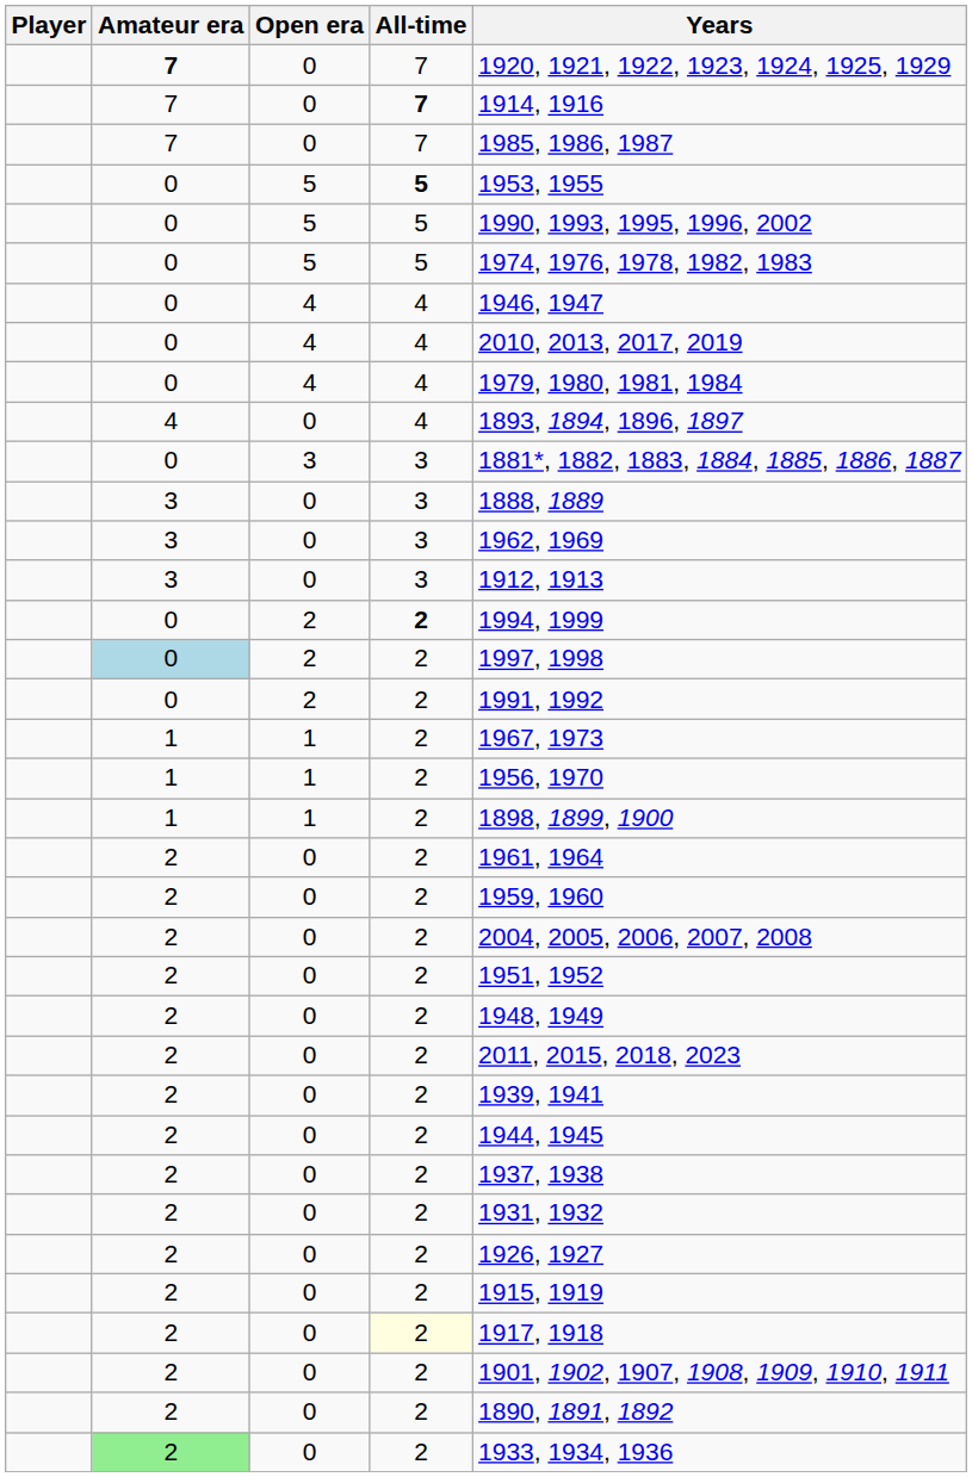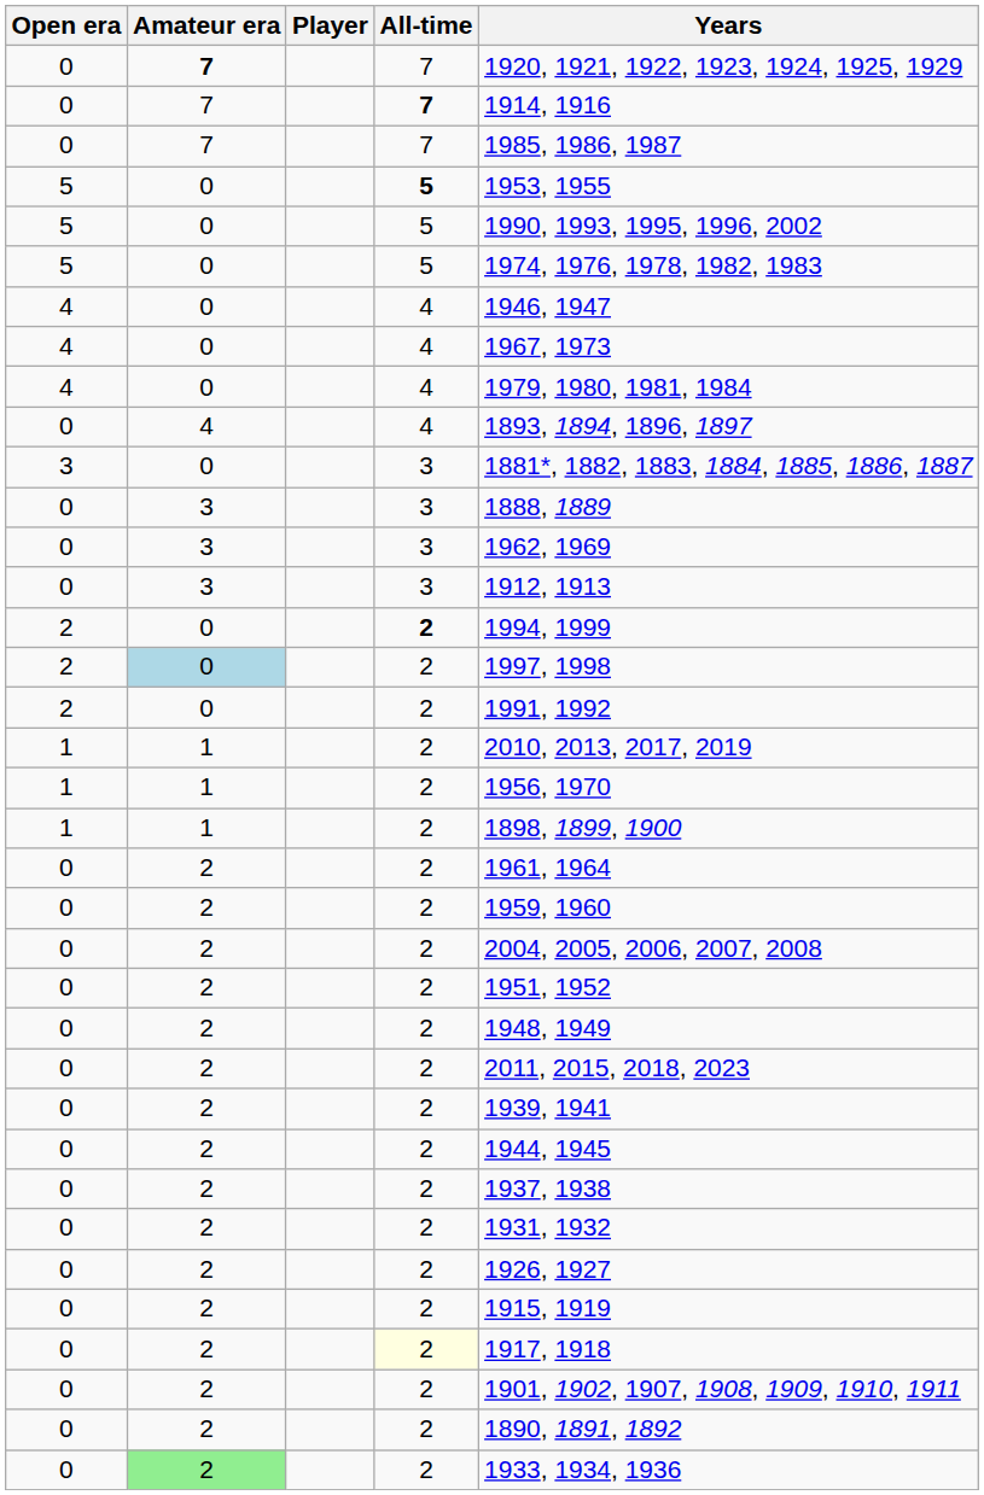 <table class="wikitable sortable">
 <tr>
+<th>Open era</th>
+<th>Amateur era</th>
 <th>Player</th>
-<th>Amateur era</th>
-<th>Open era</th>
 <th>All-time</th>
 <th class="unsortable">Years</th>
 </tr>
 <tr>
+<td align="center">0</td>
+<td align="center"><strong>7</strong></td>
 <td></td>
-<td align="center"><strong>7</strong></td>
-<td align="center">0</td>
 <td align="center">7</td>
 <td><a href='#'>1920</a>, <a href='#'>1921</a>, <a href='#'>1922</a>, <a href='#'>1923</a>, <a href='#'>1924</a>, <a href='#'>1925</a>, <a href='#'>1929</a></td>
 </tr>
 <tr>
+<td align="center">0</td>
+<td align="center">7</td>
 <td></td>
-<td align="center">7</td>
-<td align="center">0</td>
 <td align="center"><strong>7</strong></td>
 <td><a href='#'>1914</a>, <a href='#'>1916</a></td>
 </tr>
 <tr>
+<td align="center">0</td>
+<td align="center">7</td>
 <td></td>
-<td align="center">7</td>
-<td align="center">0</td>
 <td align="center">7</td>
 <td><a href='#'>1985</a>, <a href='#'>1986</a>, <a href='#'>1987</a></td>
 </tr>
 <tr>
+<td align="center">5</td>
+<td align="center">0</td>
 <td></td>
-<td align="center">0</td>
-<td align="center">5</td>
 <td align="center"><strong>5</strong></td>
 <td><a href='#'>1953</a>, <a href='#'>1955</a></td>
 </tr>
 <tr>
+<td align="center">5</td>
+<td align="center">0</td>
 <td></td>
-<td align="center">0</td>
-<td align="center">5</td>
 <td align="center">5</td>
 <td><a href='#'>1990</a>, <a href='#'>1993</a>, <a href='#'>1995</a>, <a href='#'>1996</a>, <a href='#'>2002</a></td>
 </tr>
 <tr>
+<td align="center">5</td>
+<td align="center">0</td>
 <td></td>
-<td align="center">0</td>
-<td align="center">5</td>
 <td align="center">5</td>
 <td><a href='#'>1974</a>, <a href='#'>1976</a>, <a href='#'>1978</a>, <a href='#'>1982</a>, <a href='#'>1983</a></td>
 </tr>
 <tr>
+<td align="center">4</td>
+<td align="center">0</td>
 <td></td>
-<td align="center">0</td>
-<td align="center">4</td>
 <td align="center">4</td>
 <td><a href='#'>1946</a>, <a href='#'>1947</a></td>
 </tr>
 <tr>
+<td align="center">4</td>
+<td align="center">0</td>
 <td></td>
-<td align="center">0</td>
 <td align="center">4</td>
-<td align="center">4</td>
-<td><a href='#'>2010</a>, <a href='#'>2013</a>, <a href='#'>2017</a>, <a href='#'>2019</a></td>
+<td><a href='#'>1967</a>, <a href='#'>1973</a></td>
 </tr>
 <tr>
+<td align="center">4</td>
+<td align="center">0</td>
 <td></td>
-<td align="center">0</td>
-<td align="center">4</td>
 <td align="center">4</td>
 <td><a href='#'>1979</a>, <a href='#'>1980</a>, <a href='#'>1981</a>, <a href='#'>1984</a></td>
 </tr>
 <tr>
+<td align="center">0</td>
+<td align="center">4</td>
 <td></td>
-<td align="center">4</td>
-<td align="center">0</td>
 <td align="center">4</td>
 <td><a href='#'>1893</a>, <em><a href='#'>1894</a></em>, <a href='#'>1896</a>, <em><a href='#'>1897</a></em></td>
 </tr>
 <tr>
+<td align="center">3</td>
+<td align="center">0</td>
 <td></td>
-<td align="center">0</td>
-<td align="center">3</td>
 <td align="center">3</td>
 <td><a href='#'>1881*</a>, <a href='#'>1882</a>, <a href='#'>1883</a>, <em><a href='#'>1884</a></em>, <em><a href='#'>1885</a></em>, <em><a href='#'>1886</a></em>, <em><a href='#'>1887</a></em></td>
 </tr>
 <tr>
+<td align="center">0</td>
+<td align="center">3</td>
 <td></td>
-<td align="center">3</td>
-<td align="center">0</td>
 <td align="center">3</td>
 <td><a href='#'>1888</a>, <em><a href='#'>1889</a></em></td>
 </tr>
 <tr>
+<td align="center">0</td>
+<td align="center">3</td>
 <td></td>
-<td align="center">3</td>
-<td align="center">0</td>
 <td align="center">3</td>
 <td><a href='#'>1962</a>, <a href='#'>1969</a></td>
 </tr>
 <tr>
+<td align="center">0</td>
+<td align="center">3</td>
 <td></td>
-<td align="center">3</td>
-<td align="center">0</td>
 <td align="center">3</td>
 <td><a href='#'>1912</a>, <a href='#'>1913</a></td>
 </tr>
 <tr>
+<td align="center">2</td>
+<td align="center">0</td>
 <td></td>
-<td align="center">0</td>
-<td align="center">2</td>
 <td align="center"><strong>2</strong></td>
 <td><a href='#'>1994</a>, <a href='#'>1999</a></td>
 </tr>
 <tr>
+<td align="center">2</td>
+<td align="center" style="background: lightblue;">0</td>
 <td></td>
-<td align="center" style="background: lightblue;">0</td>
-<td align="center">2</td>
 <td align="center">2</td>
 <td><a href='#'>1997</a>, <a href='#'>1998</a></td>
 </tr>
 <tr>
+<td align="center">2</td>
+<td align="center">0</td>
 <td></td>
-<td align="center">0</td>
-<td align="center">2</td>
 <td align="center">2</td>
 <td><a href='#'>1991</a>, <a href='#'>1992</a></td>
 </tr>
 <tr>
-<td></td>
 <td align="center">1</td>
 <td align="center">1</td>
+<td></td>
 <td align="center">2</td>
-<td><a href='#'>1967</a>, <a href='#'>1973</a></td>
+<td><a href='#'>2010</a>, <a href='#'>2013</a>, <a href='#'>2017</a>, <a href='#'>2019</a></td>
 </tr>
 <tr>
-<td></td>
 <td align="center">1</td>
 <td align="center">1</td>
+<td></td>
 <td align="center">2</td>
 <td><a href='#'>1956</a>, <a href='#'>1970</a></td>
 </tr>
 <tr>
-<td></td>
 <td align="center">1</td>
 <td align="center">1</td>
+<td></td>
 <td align="center">2</td>
 <td><a href='#'>1898</a>, <em><a href='#'>1899</a></em>, <em><a href='#'>1900</a></em></td>
 </tr>
 <tr>
+<td align="center">0</td>
+<td align="center">2</td>
 <td></td>
-<td align="center">2</td>
-<td align="center">0</td>
 <td align="center">2</td>
 <td><a href='#'>1961</a>, <a href='#'>1964</a></td>
 </tr>
 <tr>
+<td align="center">0</td>
+<td align="center">2</td>
 <td></td>
-<td align="center">2</td>
-<td align="center">0</td>
 <td align="center">2</td>
 <td><a href='#'>1959</a>, <a href='#'>1960</a></td>
 </tr>
 <tr>
+<td align="center">0</td>
+<td align="center">2</td>
 <td></td>
-<td align="center">2</td>
-<td align="center">0</td>
 <td align="center">2</td>
 <td><a href='#'>2004</a>, <a href='#'>2005</a>, <a href='#'>2006</a>, <a href='#'>2007</a>, <a href='#'>2008</a></td>
 </tr>
 <tr>
+<td align="center">0</td>
+<td align="center">2</td>
 <td></td>
-<td align="center">2</td>
-<td align="center">0</td>
 <td align="center">2</td>
 <td><a href='#'>1951</a>, <a href='#'>1952</a></td>
 </tr>
 <tr>
+<td align="center">0</td>
+<td align="center">2</td>
 <td></td>
-<td align="center">2</td>
-<td align="center">0</td>
 <td align="center">2</td>
 <td><a href='#'>1948</a>, <a href='#'>1949</a></td>
 </tr>
 <tr>
+<td align="center">0</td>
+<td align="center">2</td>
 <td></td>
-<td align="center">2</td>
-<td align="center">0</td>
 <td align="center">2</td>
 <td><a href='#'>2011</a>, <a href='#'>2015</a>, <a href='#'>2018</a>, <a href='#'>2023</a></td>
 </tr>
 <tr>
+<td align="center">0</td>
+<td align="center">2</td>
 <td></td>
-<td align="center">2</td>
-<td align="center">0</td>
 <td align="center">2</td>
 <td><a href='#'>1939</a>, <a href='#'>1941</a></td>
 </tr>
 <tr>
+<td align="center">0</td>
+<td align="center">2</td>
 <td></td>
-<td align="center">2</td>
-<td align="center">0</td>
 <td align="center">2</td>
 <td><a href='#'>1944</a>, <a href='#'>1945</a></td>
 </tr>
 <tr>
+<td align="center">0</td>
+<td align="center">2</td>
 <td></td>
-<td align="center">2</td>
-<td align="center">0</td>
 <td align="center">2</td>
 <td><a href='#'>1937</a>, <a href='#'>1938</a></td>
 </tr>
 <tr>
+<td align="center">0</td>
+<td align="center">2</td>
 <td></td>
-<td align="center">2</td>
-<td align="center">0</td>
 <td align="center">2</td>
 <td><a href='#'>1931</a>, <a href='#'>1932</a></td>
 </tr>
 <tr>
+<td align="center">0</td>
+<td align="center">2</td>
 <td></td>
-<td align="center">2</td>
-<td align="center">0</td>
 <td align="center">2</td>
 <td><a href='#'>1926</a>, <a href='#'>1927</a></td>
 </tr>
 <tr>
+<td align="center">0</td>
+<td align="center">2</td>
 <td></td>
-<td align="center">2</td>
-<td align="center">0</td>
 <td align="center">2</td>
 <td><a href='#'>1915</a>, <a href='#'>1919</a></td>
 </tr>
 <tr>
+<td align="center">0</td>
+<td align="center">2</td>
 <td></td>
-<td align="center">2</td>
-<td align="center">0</td>
 <td align="center" style="background: lightyellow;">2</td>
 <td><a href='#'>1917</a>, <a href='#'>1918</a></td>
 </tr>
 <tr>
+<td align="center">0</td>
+<td align="center">2</td>
 <td></td>
-<td align="center">2</td>
-<td align="center">0</td>
 <td align="center">2</td>
 <td><a href='#'>1901</a>, <em><a href='#'>1902</a></em>, <a href='#'>1907</a>, <em><a href='#'>1908</a></em>, <em><a href='#'>1909</a></em>, <em><a href='#'>1910</a></em>, <em><a href='#'>1911</a></em></td>
 </tr>
 <tr>
+<td align="center">0</td>
+<td align="center">2</td>
 <td></td>
-<td align="center">2</td>
-<td align="center">0</td>
 <td align="center">2</td>
 <td><a href='#'>1890</a>, <em><a href='#'>1891</a></em>, <em><a href='#'>1892</a></em></td>
 </tr>
 <tr>
+<td align="center">0</td>
+<td align="center" style="background: lightgreen;">2</td>
 <td></td>
-<td align="center" style="background: lightgreen;">2</td>
-<td align="center">0</td>
 <td align="center">2</td>
 <td><a href='#'>1933</a>, <a href='#'>1934</a>, <a href='#'>1936</a></td>
 </tr>
 </table>
